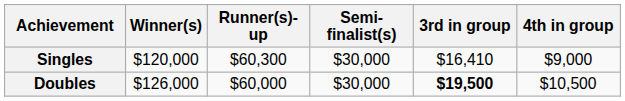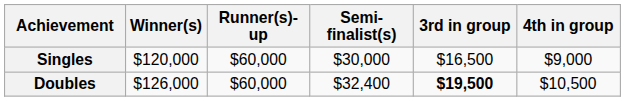 <table class=wikitable style="font-size:90%;text-align:center">
 <tr>
 <th style="width:104px;">Achievement</th>
 <th style="width:68px;">Winner(s)</th>
 <th style="width:88px;">Runner(s)-up</th>
 <th style="width:88px;">Semi-finalist(s)</th>
 <th style="width:88px;">3rd in group</th>
 <th style="width:88px;">4th in group</th>
 </tr>
 <tr>
 <th><strong>Singles</strong></th>
 <td>$120,000</td>
-<td>$60,300</td>
+<td>$60,000</td>
 <td>$30,000</td>
-<td>$16,410</td>
+<td>$16,500</td>
 <td>$9,000</td>
 </tr>
 <tr>
 <th><strong>Doubles</strong></th>
 <td>$126,000</td>
 <td>$60,000</td>
-<td>$30,000</td>
+<td>$32,400</td>
 <td><strong>$19,500</strong></td>
 <td>$10,500</td>
 </tr>
 </table>
